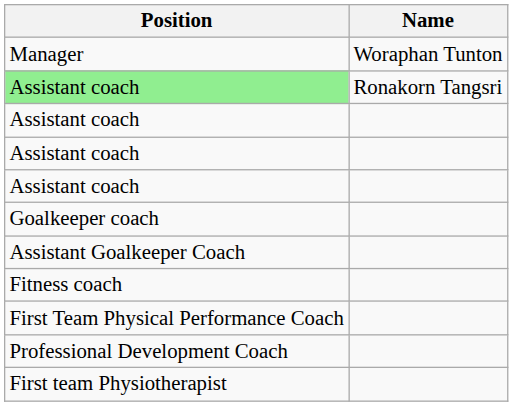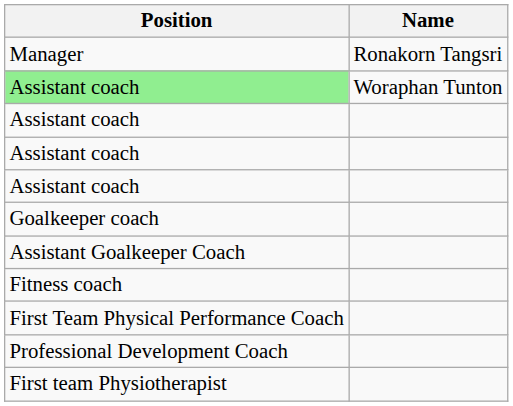 <table class="wikitable">
 <tr>
 <th>Position</th>
 <th>Name</th>
 </tr>
 <tr>
 <td>Manager</td>
-<td> Woraphan Tunton</td>
+<td> Ronakorn Tangsri</td>
 </tr>
 <tr>
 <td style="background: lightgreen;">Assistant coach</td>
-<td> Ronakorn Tangsri</td>
+<td> Woraphan Tunton</td>
 </tr>
 <tr>
 <td>Assistant coach</td>
 <td></td>
 </tr>
 <tr>
 <td>Assistant coach</td>
 <td></td>
 </tr>
 <tr>
 <td>Assistant coach</td>
 <td></td>
 </tr>
 <tr>
 <td>Goalkeeper coach</td>
 <td></td>
 </tr>
 <tr>
 <td>Assistant Goalkeeper Coach</td>
 <td></td>
 </tr>
 <tr>
 <td>Fitness coach</td>
 <td></td>
 </tr>
 <tr>
 <td>First Team Physical Performance Coach</td>
 <td></td>
 </tr>
 <tr>
 <td>Professional Development Coach</td>
 <td></td>
 </tr>
 <tr>
 <td>First team Physiotherapist</td>
 <td></td>
 </tr>
 </table>
